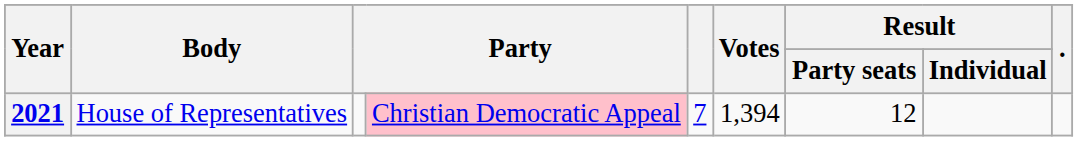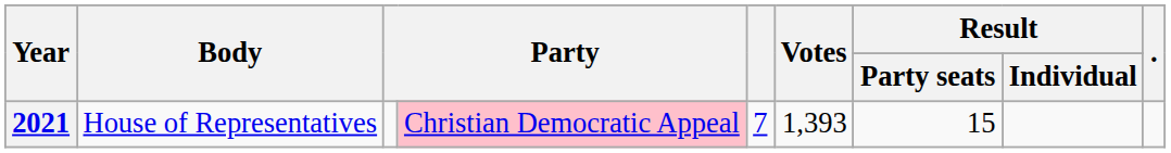 <table class="wikitable plainrowheaders sortable" border=2 cellpadding=4 cellspacing=0 style="border: 1px #aaa solid; font-size: 90%; text-align:center;">
 <tr>
 <th scope="col" rowspan=2>Year</th>
 <th scope="col" rowspan=2>Body</th>
 <th scope="col" colspan=2 rowspan=2>Party</th>
 <th scope="col" rowspan=2></th>
 <th scope="col" rowspan=2>Votes</th>
 <th scope="colgroup" colspan=2>Result</th>
 <th scope="col" rowspan=2 class="unsortable">.</th>
 </tr>
 <tr>
 <th scope="col">Party seats</th>
 <th scope="col">Individual</th>
 </tr>
 <tr>
 <th scope="row"><a href='#'>2021</a></th>
 <td><a href='#'>House of Representatives</a></td>
 <td style="background-color:"></td>
 <td style="background: pink;"><a href='#'>Christian Democratic Appeal</a></td>
 <td style=text-align:right><a href='#'>7</a></td>
-<td style=text-align:right>1,394</td>
-<td style=text-align:right>12</td>
+<td style=text-align:right>1,393</td>
+<td style=text-align:right>15</td>
 <td></td>
 <td></td>
 </tr>
 </table>
